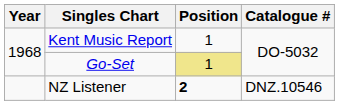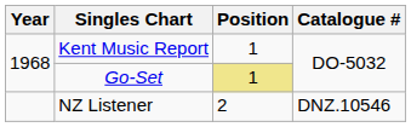 <table class="wikitable">
 <tr>
 <th>Year</th>
 <th>Singles Chart</th>
 <th>Position</th>
 <th>Catalogue #</th>
 </tr>
 <tr>
 <td align="center" rowspan="2">1968</td>
 <td align="center"><a href='#'>Kent Music Report</a></td>
 <td align="center">1</td>
 <td align="center" rowspan="2">DO-5032</td>
 </tr>
 <tr>
 <td align="center"><em><a href='#'>Go-Set</a></em></td>
 <td align="center" style="background: khaki;">1</td>
 </tr>
 <tr>
 <td></td>
 <td>NZ Listener</td>
-<td><strong>2</strong></td>
+<td>2</td>
 <td>DNZ.10546</td>
 </tr>
 </table>
